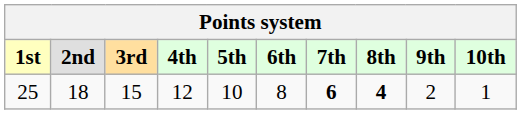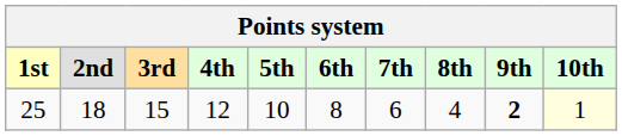 <table class="wikitable" style="font-size:95%; text-align:center">
 <tr>
 <th colspan="19">Points system</th>
 </tr>
 <tr>
 <td style="background:#ffffbf;"> <strong>1st</strong> </td>
 <td style="background:#dfdfdf;"> <strong>2nd</strong> </td>
 <td style="background:#ffdf9f;"> <strong>3rd</strong> </td>
 <td style="background:#dfffdf;"> <strong>4th</strong> </td>
 <td style="background:#dfffdf;"> <strong>5th</strong> </td>
 <td style="background:#dfffdf;"> <strong>6th</strong> </td>
 <td style="background:#dfffdf;"> <strong>7th</strong> </td>
 <td style="background:#dfffdf;"> <strong>8th</strong> </td>
 <td style="background:#dfffdf;"> <strong>9th</strong> </td>
 <td style="background:#dfffdf;"> <strong>10th</strong> </td>
 </tr>
 <tr>
 <td>25</td>
 <td>18</td>
 <td>15</td>
 <td>12</td>
 <td>10</td>
 <td>8</td>
-<td><strong>6</strong></td>
-<td><strong>4</strong></td>
-<td>2</td>
-<td>1</td>
+<td>6</td>
+<td>4</td>
+<td><strong>2</strong></td>
+<td style="background: lightyellow;">1</td>
 </tr>
 </table>
